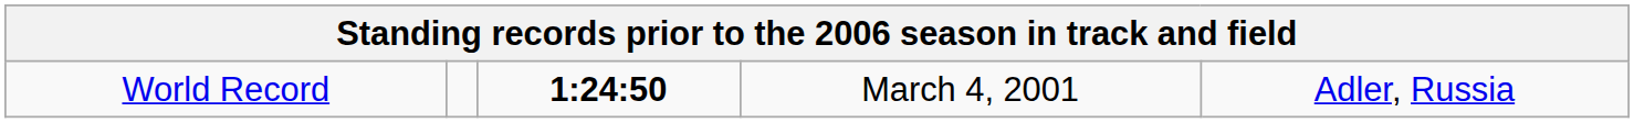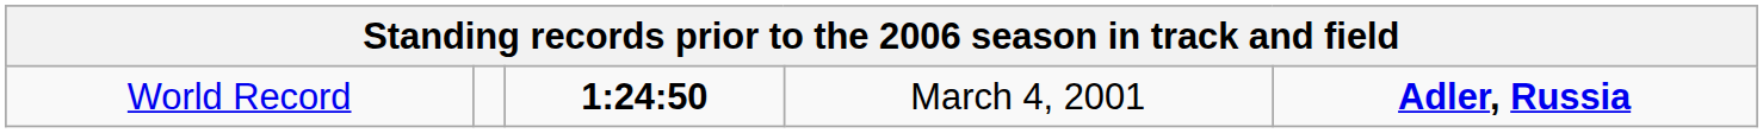 <table class="wikitable" style=" text-align:center; font-size:110%;" width="95%">
 <tr>
 <th colspan="5">Standing records prior to the 2006 season in track and field</th>
 </tr>
 <tr>
 <td><a href='#'>World Record</a></td>
 <td></td>
 <td><strong>1:24:50</strong></td>
 <td>March 4, 2001</td>
-<td> <a href='#'>Adler</a>, <a href='#'>Russia</a></td>
+<td><strong> <a href='#'>Adler</a>, <a href='#'>Russia</a></strong></td>
 </tr>
 </table>
